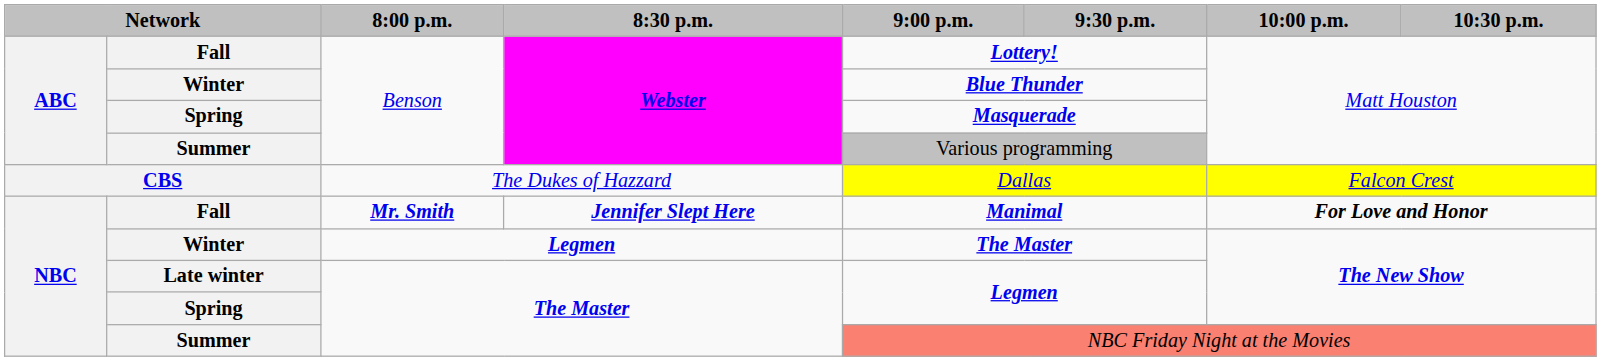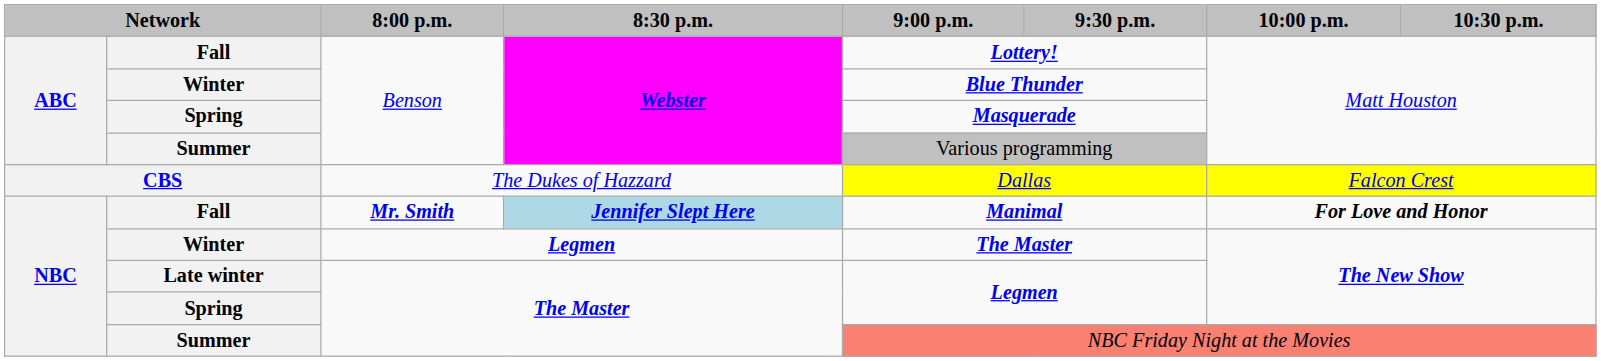 <table class="wikitable" style="width:100%;margin-right:0;text-align:center">
 <tr>
 <th colspan="2" style="background-color:#C0C0C0;text-align:center">Network</th>
 <th style="background-color:#C0C0C0;text-align:center">8:00 p.m.</th>
 <th style="background-color:#C0C0C0;text-align:center">8:30 p.m.</th>
 <th style="background-color:#C0C0C0;text-align:center">9:00 p.m.</th>
 <th style="background-color:#C0C0C0;text-align:center">9:30 p.m.</th>
 <th style="background-color:#C0C0C0;text-align:center">10:00 p.m.</th>
 <th style="background-color:#C0C0C0;text-align:center">10:30 p.m.</th>
 </tr>
 <tr>
 <th rowspan="4"><a href='#'>ABC</a></th>
 <th>Fall</th>
 <td rowspan="4"><em><a href='#'>Benson</a></em></td>
 <td rowspan="4" style="background:#FF00FF;"><strong><em><a href='#'>Webster</a></em></strong> </td>
 <td colspan="2"><strong><em><a href='#'>Lottery!</a></em></strong></td>
 <td colspan="2" rowspan="4"><em><a href='#'>Matt Houston</a></em></td>
 </tr>
 <tr>
 <th>Winter</th>
 <td colspan="2"><strong><em><a href='#'>Blue Thunder</a></em></strong></td>
 </tr>
 <tr>
 <th>Spring</th>
 <td colspan="2"><strong><em><a href='#'>Masquerade</a></em></strong></td>
 </tr>
 <tr>
 <th>Summer</th>
 <td style="background:#C0C0C0;" colspan="2">Various programming</td>
 </tr>
 <tr>
 <th colspan="2"><a href='#'>CBS</a></th>
 <td colspan="2"><em><a href='#'>The Dukes of Hazzard</a></em></td>
 <td style="background:#FFFF00;" colspan="2"><em><a href='#'>Dallas</a></em> </td>
 <td style="background:#FFFF00;" colspan="2"><em><a href='#'>Falcon Crest</a></em> </td>
 </tr>
 <tr>
 <th rowspan="5"><a href='#'>NBC</a></th>
 <th>Fall</th>
 <td><strong><em><a href='#'>Mr. Smith</a></em></strong></td>
-<td><strong><em><a href='#'>Jennifer Slept Here</a></em></strong></td>
+<td style="background: lightblue;"><strong><em><a href='#'>Jennifer Slept Here</a></em></strong></td>
 <td colspan="2"><strong><em><a href='#'>Manimal</a></em></strong></td>
 <td colspan="2"><strong><em>For Love and Honor</em></strong></td>
 </tr>
 <tr>
 <th>Winter</th>
 <td colspan="2"><strong><em><a href='#'>Legmen</a></em></strong></td>
 <td colspan="2"><strong><em><a href='#'>The Master</a></em></strong></td>
 <td colspan="2" rowspan="3"><strong><em><a href='#'>The New Show</a></em></strong></td>
 </tr>
 <tr>
 <th>Late winter</th>
 <td colspan="2" rowspan="3"><strong><em><a href='#'>The Master</a></em></strong></td>
 <td colspan="2" rowspan="2"><strong><em><a href='#'>Legmen</a></em></strong></td>
 </tr>
 <tr>
 <th>Spring</th>
 </tr>
 <tr>
 <th>Summer</th>
 <td style="background:#FA8072;" colspan="4"><em>NBC Friday Night at the Movies</em></td>
 </tr>
 </table>
